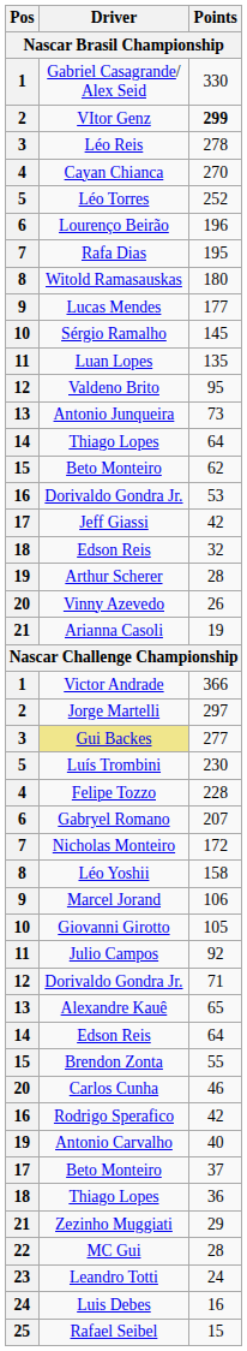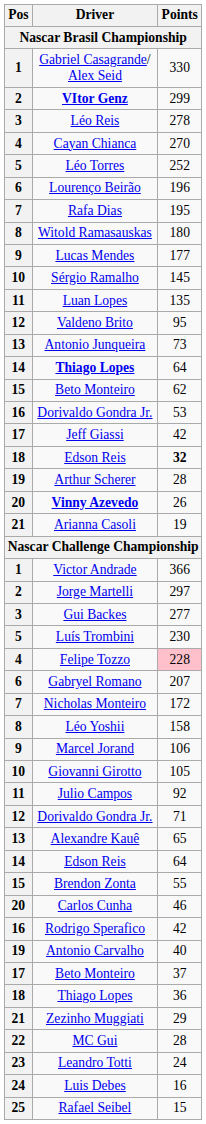 <table class="wikitable" style="font-size: 85%; text-align: center;">
 <tr>
 <th>Pos</th>
 <th>Driver</th>
 <th>Points</th>
 </tr>
 <tr>
 <th colspan="3">Nascar Brasil Championship</th>
 </tr>
 <tr>
 <th>1</th>
 <td> <a href='#'>Gabriel Casagrande</a>/<br> <a href='#'>Alex Seid</a></td>
 <td>330</td>
 </tr>
 <tr>
 <th>2</th>
-<td> <a href='#'>VItor Genz</a></td>
-<td><strong>299</strong></td>
+<td><strong> <a href='#'>VItor Genz</a></strong></td>
+<td>299</td>
 </tr>
 <tr>
 <th>3</th>
 <td> <a href='#'>Léo Reis</a></td>
 <td>278</td>
 </tr>
 <tr>
 <th>4</th>
 <td> <a href='#'>Cayan Chianca</a></td>
 <td>270</td>
 </tr>
 <tr>
 <th>5</th>
 <td> <a href='#'>Léo Torres</a></td>
 <td>252</td>
 </tr>
 <tr>
 <th>6</th>
 <td> <a href='#'>Lourenço Beirão</a></td>
 <td>196</td>
 </tr>
 <tr>
 <th>7</th>
 <td> <a href='#'>Rafa Dias</a></td>
 <td>195</td>
 </tr>
 <tr>
 <th>8</th>
 <td> <a href='#'>Witold Ramasauskas</a></td>
 <td>180</td>
 </tr>
 <tr>
 <th>9</th>
 <td> <a href='#'>Lucas Mendes</a></td>
 <td>177</td>
 </tr>
 <tr>
 <th>10</th>
 <td> <a href='#'>Sérgio Ramalho</a></td>
 <td>145</td>
 </tr>
 <tr>
 <th>11</th>
 <td> <a href='#'>Luan Lopes</a></td>
 <td>135</td>
 </tr>
 <tr>
 <th>12</th>
 <td> <a href='#'>Valdeno Brito</a></td>
 <td>95</td>
 </tr>
 <tr>
 <th>13</th>
 <td> <a href='#'>Antonio Junqueira</a></td>
 <td>73</td>
 </tr>
 <tr>
 <th>14</th>
-<td> <a href='#'>Thiago Lopes</a></td>
+<td><strong> <a href='#'>Thiago Lopes</a></strong></td>
 <td>64</td>
 </tr>
 <tr>
 <th>15</th>
 <td> <a href='#'>Beto Monteiro</a></td>
 <td>62</td>
 </tr>
 <tr>
 <th>16</th>
 <td> <a href='#'>Dorivaldo Gondra Jr.</a></td>
 <td>53</td>
 </tr>
 <tr>
 <th>17</th>
 <td> <a href='#'>Jeff Giassi</a></td>
 <td>42</td>
 </tr>
 <tr>
 <th>18</th>
 <td> <a href='#'>Edson Reis</a></td>
-<td>32</td>
+<td><strong>32</strong></td>
 </tr>
 <tr>
 <th>19</th>
 <td> <a href='#'>Arthur Scherer</a></td>
 <td>28</td>
 </tr>
 <tr>
 <th>20</th>
-<td> <a href='#'>Vinny Azevedo</a></td>
+<td><strong> <a href='#'>Vinny Azevedo</a></strong></td>
 <td>26</td>
 </tr>
 <tr>
 <th>21</th>
 <td> <a href='#'>Arianna Casoli</a></td>
 <td>19</td>
 </tr>
 <tr>
 <th colspan="3">Nascar Challenge Championship</th>
 </tr>
 <tr>
 <th>1</th>
 <td> <a href='#'>Victor Andrade</a></td>
 <td>366</td>
 </tr>
 <tr>
 <th>2</th>
 <td> <a href='#'>Jorge Martelli</a></td>
 <td>297</td>
 </tr>
 <tr>
 <th>3</th>
-<td style="background: khaki;"> <a href='#'>Gui Backes</a></td>
+<td> <a href='#'>Gui Backes</a></td>
 <td>277</td>
 </tr>
 <tr>
 <th>5</th>
 <td> <a href='#'>Luís Trombini</a></td>
 <td>230</td>
 </tr>
 <tr>
 <th>4</th>
 <td> <a href='#'>Felipe Tozzo</a></td>
-<td>228</td>
+<td style="background: pink;">228</td>
 </tr>
 <tr>
 <th>6</th>
 <td> <a href='#'>Gabryel Romano</a></td>
 <td>207</td>
 </tr>
 <tr>
 <th>7</th>
 <td> <a href='#'>Nicholas Monteiro</a></td>
 <td>172</td>
 </tr>
 <tr>
 <th>8</th>
 <td> <a href='#'>Léo Yoshii</a></td>
 <td>158</td>
 </tr>
 <tr>
 <th>9</th>
 <td> <a href='#'>Marcel Jorand</a></td>
 <td>106</td>
 </tr>
 <tr>
 <th>10</th>
 <td> <a href='#'>Giovanni Girotto</a></td>
 <td>105</td>
 </tr>
 <tr>
 <th>11</th>
 <td> <a href='#'>Julio Campos</a></td>
 <td>92</td>
 </tr>
 <tr>
 <th>12</th>
 <td> <a href='#'>Dorivaldo Gondra Jr.</a></td>
 <td>71</td>
 </tr>
 <tr>
 <th>13</th>
 <td> <a href='#'>Alexandre Kauê</a></td>
 <td>65</td>
 </tr>
 <tr>
 <th>14</th>
 <td> <a href='#'>Edson Reis</a></td>
 <td>64</td>
 </tr>
 <tr>
 <th>15</th>
 <td> <a href='#'>Brendon Zonta</a></td>
 <td>55</td>
 </tr>
 <tr>
 <th>20</th>
 <td> <a href='#'>Carlos Cunha</a></td>
 <td>46</td>
 </tr>
 <tr>
 <th>16</th>
 <td> <a href='#'>Rodrigo Sperafico</a></td>
 <td>42</td>
 </tr>
 <tr>
 <th>19</th>
 <td> <a href='#'>Antonio Carvalho</a></td>
 <td>40</td>
 </tr>
 <tr>
 <th>17</th>
 <td> <a href='#'>Beto Monteiro</a></td>
 <td>37</td>
 </tr>
 <tr>
 <th>18</th>
 <td> <a href='#'>Thiago Lopes</a></td>
 <td>36</td>
 </tr>
 <tr>
 <th>21</th>
 <td> <a href='#'>Zezinho Muggiati</a></td>
 <td>29</td>
 </tr>
 <tr>
 <th>22</th>
 <td> <a href='#'>MC Gui</a></td>
 <td>28</td>
 </tr>
 <tr>
 <th>23</th>
 <td> <a href='#'>Leandro Totti</a></td>
 <td>24</td>
 </tr>
 <tr>
 <th>24</th>
 <td> <a href='#'>Luis Debes</a></td>
 <td>16</td>
 </tr>
 <tr>
 <th>25</th>
 <td> <a href='#'>Rafael Seibel</a></td>
 <td>15</td>
 </tr>
 </table>
